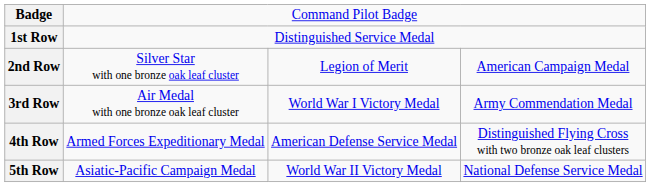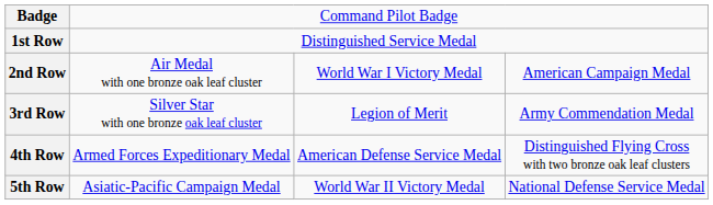 <table class="wikitable" style="margin:1em auto; text-align:center;">
 <tr>
 <th>Badge</th>
 <td colspan="3"><a href='#'>Command Pilot Badge</a></td>
 </tr>
 <tr>
 <th>1st Row</th>
 <td colspan="3"><a href='#'>Distinguished Service Medal</a></td>
 </tr>
 <tr>
 <th>2nd Row</th>
-<td><a href='#'>Silver Star</a><br><small>with one bronze <a href='#'>oak leaf cluster</a></small></td>
-<td><a href='#'>Legion of Merit</a></td>
+<td><a href='#'>Air Medal</a><br><small>with one bronze oak leaf cluster</small></td>
+<td><a href='#'>World War I Victory Medal</a></td>
 <td><a href='#'>American Campaign Medal</a></td>
 </tr>
 <tr>
 <th>3rd Row</th>
-<td><a href='#'>Air Medal</a><br><small>with one bronze oak leaf cluster</small></td>
-<td><a href='#'>World War I Victory Medal</a></td>
+<td><a href='#'>Silver Star</a><br><small>with one bronze <a href='#'>oak leaf cluster</a></small></td>
+<td><a href='#'>Legion of Merit</a></td>
 <td><a href='#'>Army Commendation Medal</a></td>
 </tr>
 <tr>
 <th>4th Row</th>
 <td><a href='#'>Armed Forces Expeditionary Medal </a></td>
 <td><a href='#'>American Defense Service Medal</a></td>
 <td><a href='#'>Distinguished Flying Cross</a><br><small>with two bronze oak leaf clusters</small></td>
 </tr>
 <tr>
 <th>5th Row</th>
 <td><a href='#'>Asiatic-Pacific Campaign Medal</a></td>
 <td><a href='#'>World War II Victory Medal</a></td>
 <td><a href='#'>National Defense Service Medal</a></td>
 </tr>
 </table>
